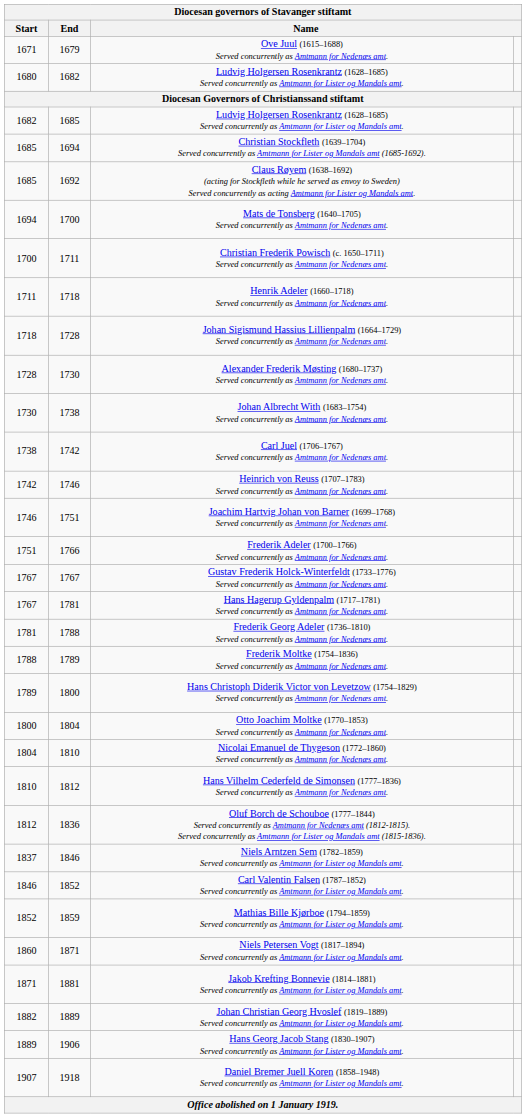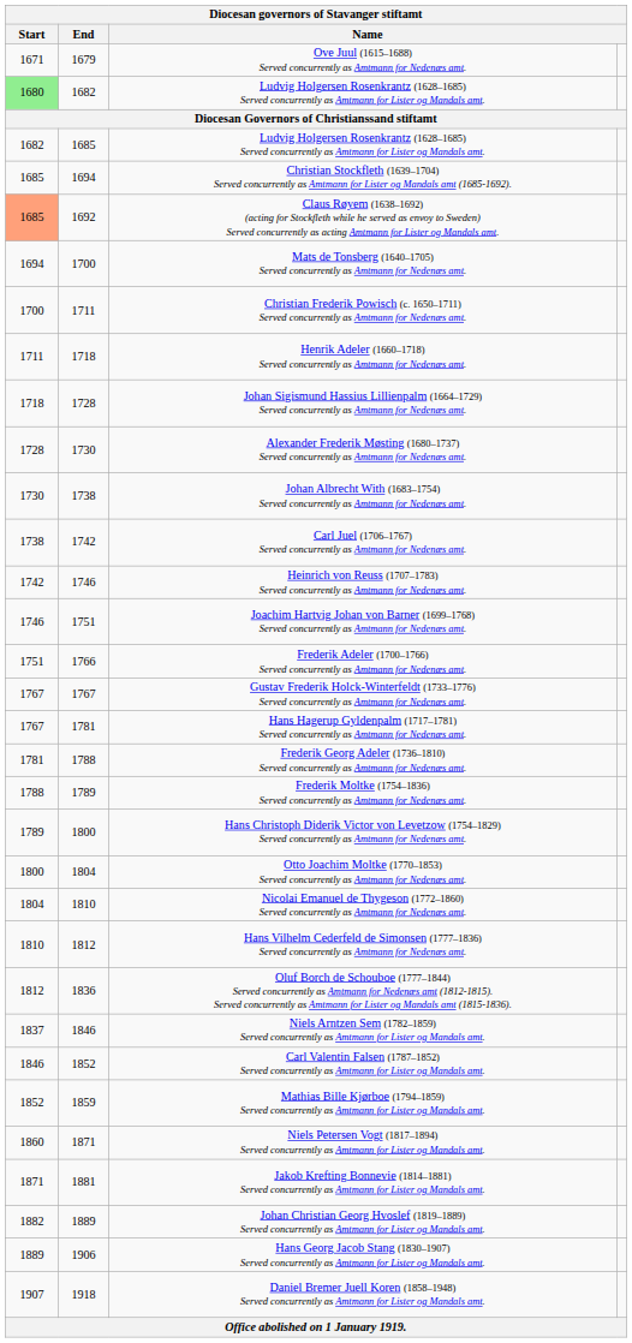 <table class="wikitable" style="text-align:center; width:65%;">
 <tr>
 <th colspan=4>Diocesan governors of Stavanger stiftamt</th>
 </tr>
 <tr>
 <th>Start</th>
 <th>End</th>
 <th colspan="2">Name</th>
 </tr>
 <tr>
 <td>1671</td>
 <td>1679</td>
 <td><a href='#'>Ove Juul</a> <small>(1615–1688)<br><em>Served concurrently as <a href='#'>Amtmann for Nedenæs amt</a>.</em></small></td>
 <td></td>
 </tr>
 <tr>
-<td>1680</td>
+<td style="background: lightgreen;">1680</td>
 <td>1682</td>
 <td><a href='#'>Ludvig Holgersen Rosenkrantz</a> <small>(1628–1685)<br><em>Served concurrently as <a href='#'>Amtmann for Lister og Mandals amt</a>.</em></small></td>
 <td></td>
 </tr>
 <tr>
 <th colspan=4>Diocesan Governors of Christianssand stiftamt</th>
 </tr>
 <tr>
 <td>1682</td>
 <td>1685</td>
 <td><a href='#'>Ludvig Holgersen Rosenkrantz</a> <small>(1628–1685)<br><em>Served concurrently as <a href='#'>Amtmann for Lister og Mandals amt</a>.</em></small></td>
 <td></td>
 </tr>
 <tr>
 <td>1685</td>
 <td>1694</td>
 <td><a href='#'>Christian Stockfleth</a> <small>(1639–1704)<br><em>Served concurrently as <a href='#'>Amtmann for Lister og Mandals amt</a> (1685-1692).</em></small></td>
 <td></td>
 </tr>
 <tr>
-<td>1685</td>
+<td style="background: lightsalmon;">1685</td>
 <td>1692</td>
 <td><a href='#'>Claus Røyem</a> <small>(1638–1692)<br><em>(acting for Stockfleth while he served as envoy to Sweden)</em><br><em>Served concurrently as acting <a href='#'>Amtmann for Lister og Mandals amt</a>.</em></small></td>
 <td><br><br><br></td>
 </tr>
 <tr>
 <td>1694</td>
 <td>1700</td>
 <td><a href='#'>Mats de Tonsberg</a> <small>(1640–1705)<br><em>Served concurrently as <a href='#'>Amtmann for Nedenæs amt</a>.</em></small></td>
 <td><br><br><br></td>
 </tr>
 <tr>
 <td>1700</td>
 <td>1711</td>
 <td><a href='#'>Christian Frederik Powisch</a> <small>(c. 1650–1711)<br><em>Served concurrently as <a href='#'>Amtmann for Nedenæs amt</a>.</em></small></td>
 <td><br><br><br></td>
 </tr>
 <tr>
 <td>1711</td>
 <td>1718</td>
 <td><a href='#'>Henrik Adeler</a> <small>(1660–1718)<br><em>Served concurrently as <a href='#'>Amtmann for Nedenæs amt</a>.</em></small></td>
 <td><br><br><br></td>
 </tr>
 <tr>
 <td>1718</td>
 <td>1728</td>
 <td><a href='#'>Johan Sigismund Hassius Lillienpalm</a> <small>(1664–1729)<br><em>Served concurrently as <a href='#'>Amtmann for Nedenæs amt</a>.</em></small></td>
 <td><br><br><br></td>
 </tr>
 <tr>
 <td>1728</td>
 <td>1730</td>
 <td><a href='#'>Alexander Frederik Møsting</a> <small>(1680–1737)<br><em>Served concurrently as <a href='#'>Amtmann for Nedenæs amt</a>.</em></small></td>
 <td><br><br><br></td>
 </tr>
 <tr>
 <td>1730</td>
 <td>1738</td>
 <td><a href='#'>Johan Albrecht With</a> <small>(1683–1754)<br><em>Served concurrently as <a href='#'>Amtmann for Nedenæs amt</a>.</em></small></td>
 <td><br><br><br></td>
 </tr>
 <tr>
 <td>1738</td>
 <td>1742</td>
 <td><a href='#'>Carl Juel</a> <small>(1706–1767)<br><em>Served concurrently as <a href='#'>Amtmann for Nedenæs amt</a>.</em></small></td>
 <td><br><br><br></td>
 </tr>
 <tr>
 <td>1742</td>
 <td>1746</td>
 <td><a href='#'>Heinrich von Reuss</a> <small>(1707–1783)<br><em>Served concurrently as <a href='#'>Amtmann for Nedenæs amt</a>.</em></small></td>
 <td></td>
 </tr>
 <tr>
 <td>1746</td>
 <td>1751</td>
 <td><a href='#'>Joachim Hartvig Johan von Barner</a> <small>(1699–1768)<br><em>Served concurrently as <a href='#'>Amtmann for Nedenæs amt</a>.</em></small></td>
 <td><br><br><br></td>
 </tr>
 <tr>
 <td>1751</td>
 <td>1766</td>
 <td><a href='#'>Frederik Adeler</a> <small>(1700–1766)<br><em>Served concurrently as <a href='#'>Amtmann for Nedenæs amt</a>.</em></small></td>
 <td></td>
 </tr>
 <tr>
 <td>1767</td>
 <td>1767</td>
 <td><a href='#'>Gustav Frederik Holck-Winterfeldt</a> <small>(1733–1776)<br><em>Served concurrently as <a href='#'>Amtmann for Nedenæs amt</a>.</em></small></td>
 <td></td>
 </tr>
 <tr>
 <td>1767</td>
 <td>1781</td>
 <td><a href='#'>Hans Hagerup Gyldenpalm</a> <small>(1717–1781)<br><em>Served concurrently as <a href='#'>Amtmann for Nedenæs amt</a>.</em></small></td>
 <td></td>
 </tr>
 <tr>
 <td>1781</td>
 <td>1788</td>
 <td><a href='#'>Frederik Georg Adeler</a> <small>(1736–1810)<br><em>Served concurrently as <a href='#'>Amtmann for Nedenæs amt</a>.</em></small></td>
 <td></td>
 </tr>
 <tr>
 <td>1788</td>
 <td>1789</td>
 <td><a href='#'>Frederik Moltke</a> <small>(1754–1836)<br><em>Served concurrently as <a href='#'>Amtmann for Nedenæs amt</a>.</em></small></td>
 <td></td>
 </tr>
 <tr>
 <td>1789</td>
 <td>1800</td>
 <td><a href='#'>Hans Christoph Diderik Victor von Levetzow</a> <small>(1754–1829)<br><em>Served concurrently as <a href='#'>Amtmann for Nedenæs amt</a>.</em></small></td>
 <td><br><br><br></td>
 </tr>
 <tr>
 <td>1800</td>
 <td>1804</td>
 <td><a href='#'>Otto Joachim Moltke</a> <small>(1770–1853)<br><em>Served concurrently as <a href='#'>Amtmann for Nedenæs amt</a>.</em></small></td>
 <td></td>
 </tr>
 <tr>
 <td>1804</td>
 <td>1810</td>
 <td><a href='#'>Nicolai Emanuel de Thygeson</a> <small>(1772–1860)<br><em>Served concurrently as <a href='#'>Amtmann for Nedenæs amt</a>.</em></small></td>
 <td></td>
 </tr>
 <tr>
 <td>1810</td>
 <td>1812</td>
 <td><a href='#'>Hans Vilhelm Cederfeld de Simonsen</a> <small>(1777–1836)<br><em>Served concurrently as <a href='#'>Amtmann for Nedenæs amt</a>.</em></small></td>
 <td><br><br><br></td>
 </tr>
 <tr>
 <td>1812</td>
 <td>1836</td>
 <td><a href='#'>Oluf Borch de Schouboe</a> <small>(1777–1844)<br><em>Served concurrently as <a href='#'>Amtmann for Nedenæs amt</a> (1812-1815).</em><br><em>Served concurrently as <a href='#'>Amtmann for Lister og Mandals amt</a> (1815-1836).</em></small></td>
 <td><br><br><br></td>
 </tr>
 <tr>
 <td>1837</td>
 <td>1846</td>
 <td><a href='#'>Niels Arntzen Sem</a> <small>(1782–1859)<br><em>Served concurrently as <a href='#'>Amtmann for Lister og Mandals amt</a>.</em></small></td>
 <td></td>
 </tr>
 <tr>
 <td>1846</td>
 <td>1852</td>
 <td><a href='#'>Carl Valentin Falsen</a> <small>(1787–1852)<br><em>Served concurrently as <a href='#'>Amtmann for Lister og Mandals amt</a>.</em></small></td>
 <td></td>
 </tr>
 <tr>
 <td>1852</td>
 <td>1859</td>
 <td><a href='#'>Mathias Bille Kjørboe</a> <small>(1794–1859)<br><em>Served concurrently as <a href='#'>Amtmann for Lister og Mandals amt</a>.</em></small></td>
 <td><br><br><br></td>
 </tr>
 <tr>
 <td>1860</td>
 <td>1871</td>
 <td><a href='#'>Niels Petersen Vogt</a> <small>(1817–1894)<br><em>Served concurrently as <a href='#'>Amtmann for Lister og Mandals amt</a>.</em></small></td>
 <td></td>
 </tr>
 <tr>
 <td>1871</td>
 <td>1881</td>
 <td><a href='#'>Jakob Krefting Bonnevie</a> <small>(1814–1881)<br><em>Served concurrently as <a href='#'>Amtmann for Lister og Mandals amt</a>.</em></small></td>
 <td><br><br><br></td>
 </tr>
 <tr>
 <td>1882</td>
 <td>1889</td>
 <td><a href='#'>Johan Christian Georg Hvoslef</a> <small>(1819–1889)<br><em>Served concurrently as <a href='#'>Amtmann for Lister og Mandals amt</a>.</em></small></td>
 <td></td>
 </tr>
 <tr>
 <td>1889</td>
 <td>1906</td>
 <td><a href='#'>Hans Georg Jacob Stang</a> <small>(1830–1907)<br><em>Served concurrently as <a href='#'>Amtmann for Lister og Mandals amt</a>.</em></small></td>
 <td></td>
 </tr>
 <tr>
 <td>1907</td>
 <td>1918</td>
 <td><a href='#'>Daniel Bremer Juell Koren</a> <small>(1858–1948)<br><em>Served concurrently as <a href='#'>Amtmann for Lister og Mandals amt</a>.</em></small></td>
 <td><br><br><br></td>
 </tr>
 <tr>
 <th colspan=4><em>Office abolished on 1 January 1919.</em></th>
 </tr>
 </table>
